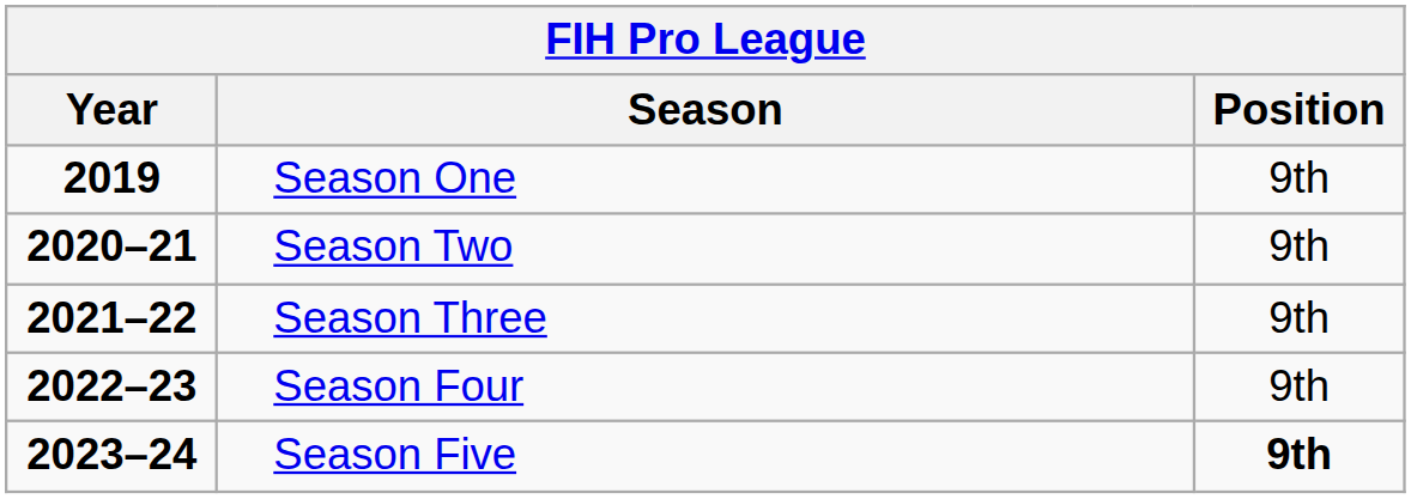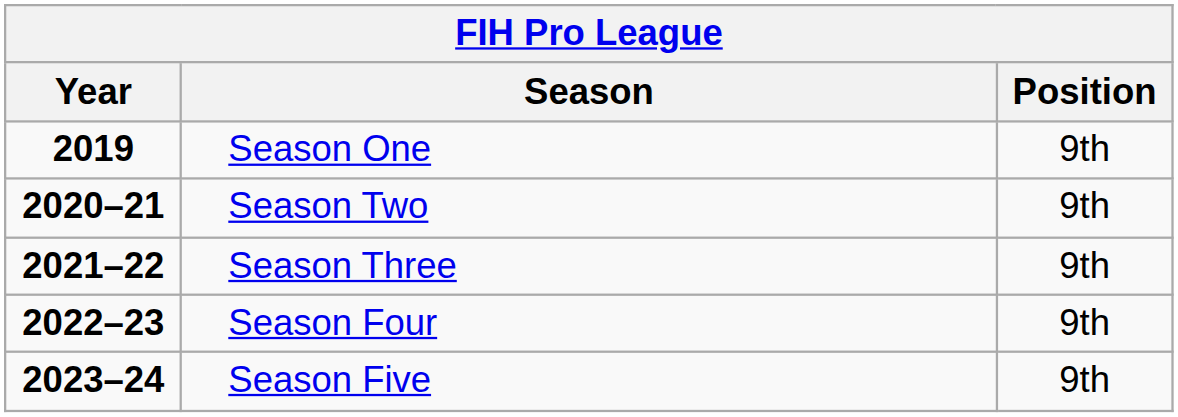 <table class="wikitable" style="text-align: center;">
 <tr>
 <th colspan=3 style="background-color: ;"><a href='#'>FIH Pro League</a></th>
 </tr>
 <tr>
 <th style="width: 70px;">Year</th>
 <th style="width: 350px;">Season</th>
 <th style="width: 70px;">Position</th>
 </tr>
 <tr>
 <td><strong>2019</strong></td>
 <td style="text-align: left; padding-left: 20px;"><a href='#'>Season One</a></td>
 <td>9th</td>
 </tr>
 <tr>
 <td><strong>2020–21</strong></td>
 <td style="text-align: left; padding-left: 20px;"><a href='#'>Season Two</a></td>
 <td>9th</td>
 </tr>
 <tr>
 <td><strong>2021–22</strong></td>
 <td style="text-align: left; padding-left: 20px;"><a href='#'>Season Three</a></td>
 <td>9th</td>
 </tr>
 <tr>
 <td><strong>2022–23</strong></td>
 <td style="text-align: left; padding-left: 20px;"><a href='#'>Season Four</a></td>
 <td>9th</td>
 </tr>
 <tr>
 <td><strong>2023–24</strong></td>
 <td style="text-align: left; padding-left: 20px;"><a href='#'>Season Five</a></td>
-<td><strong>9th </strong></td>
+<td>9th </td>
 </tr>
 </table>
